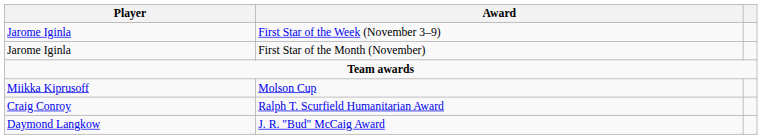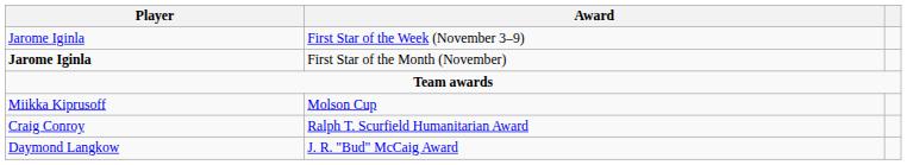 <table class="wikitable" width="52%">
 <tr>
 <th>Player</th>
 <th>Award</th>
 <th></th>
 </tr>
 <tr>
 <td><a href='#'>Jarome Iginla</a></td>
 <td><a href='#'>First Star of the Week</a> (November 3–9)</td>
 <td></td>
 </tr>
 <tr>
-<td>Jarome Iginla</td>
+<td><strong>Jarome Iginla</strong></td>
 <td>First Star of the Month (November)</td>
 <td></td>
 </tr>
 <tr>
 <td colspan="4" align="center"><strong>Team awards</strong></td>
 </tr>
 <tr>
 <td><a href='#'>Miikka Kiprusoff</a></td>
 <td><a href='#'>Molson Cup</a></td>
 <td></td>
 </tr>
 <tr>
 <td><a href='#'>Craig Conroy</a></td>
 <td><a href='#'>Ralph T. Scurfield Humanitarian Award</a></td>
 <td></td>
 </tr>
 <tr>
 <td><a href='#'>Daymond Langkow</a></td>
 <td><a href='#'>J. R. "Bud" McCaig Award</a></td>
 <td></td>
 </tr>
 </table>
